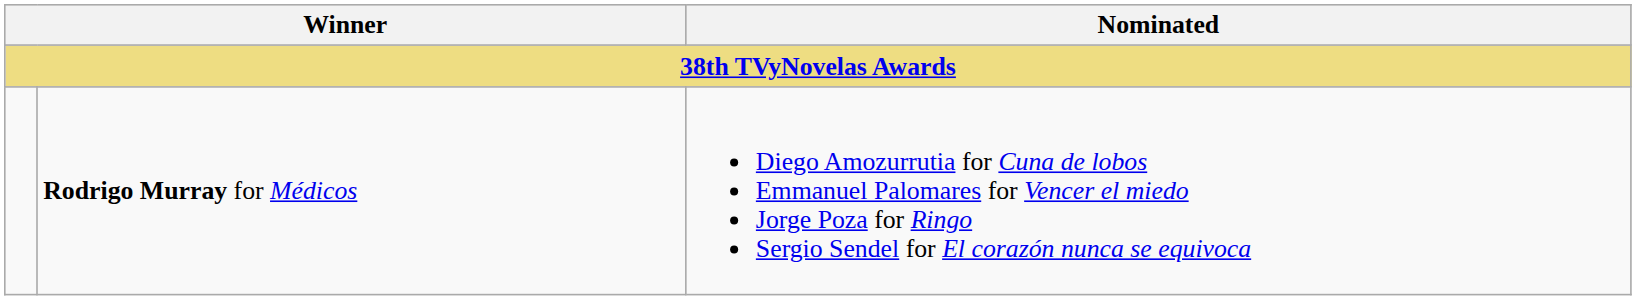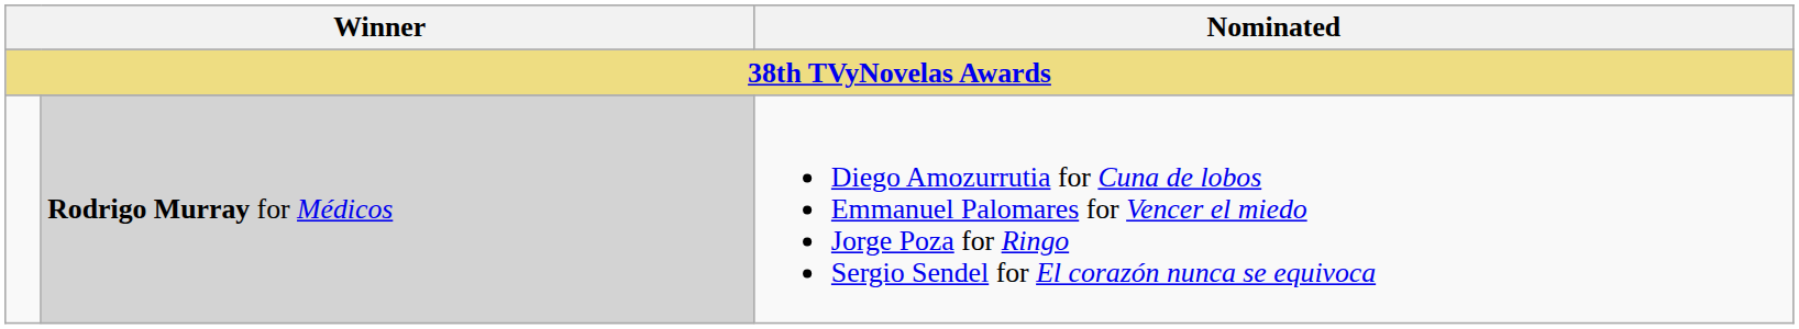 <table class="wikitable" width=80%>
 <tr align=center>
 <th width="150px;" colspan=2; align="center">Winner</th>
 <th width="580px;" align="center">Nominated</th>
 </tr>
 <tr>
 <th colspan=9 style="background:#EEDD82;"  align="center"><strong><a href='#'>38th TVyNovelas Awards</a></strong></th>
 </tr>
 <tr>
 <td width=2%></td>
-<td><strong>Rodrigo Murray</strong> for <em><a href='#'>Médicos</a></em></td>
+<td style="background: lightgrey;"><strong>Rodrigo Murray</strong> for <em><a href='#'>Médicos</a></em></td>
 <td><br><ul><li><a href='#'>Diego Amozurrutia</a> for <em><a href='#'>Cuna de lobos</a></em></li><li><a href='#'>Emmanuel Palomares</a> for <em><a href='#'>Vencer el miedo</a></em></li><li><a href='#'>Jorge Poza</a> for <em><a href='#'>Ringo</a></em></li><li><a href='#'>Sergio Sendel</a> for <em><a href='#'>El corazón nunca se equivoca</a></em></li></ul></td>
 </tr>
 </table>
